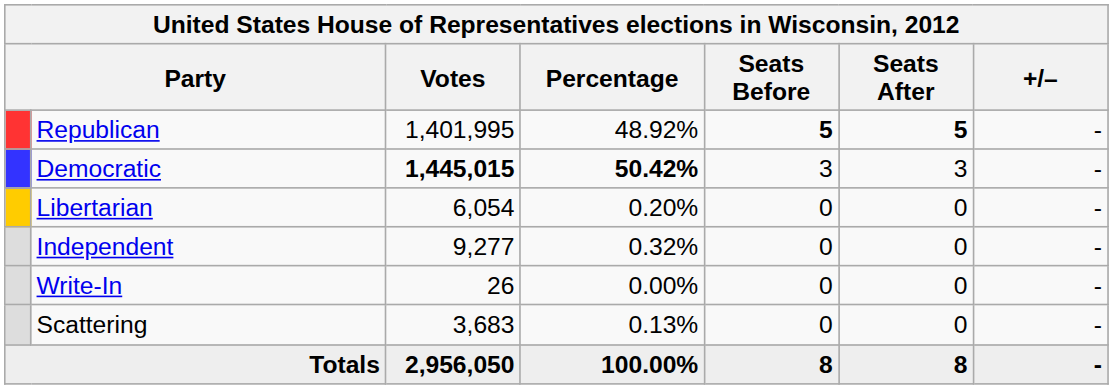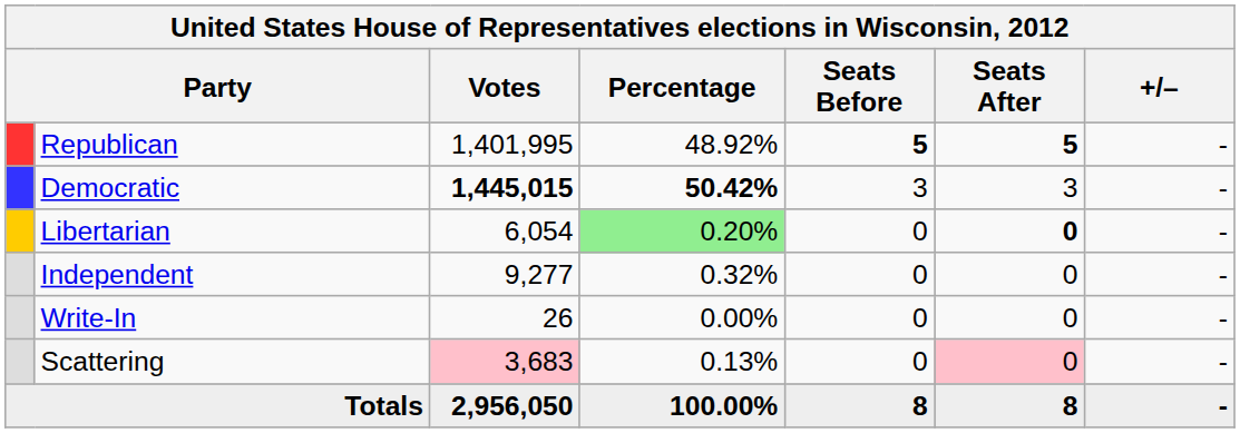 <table class="wikitable" style="font-size: 95%;">
 <tr>
 <th colspan="7">United States House of Representatives elections in Wisconsin, 2012</th>
 </tr>
 <tr>
 <th colspan=2 style="width: 15em">Party</th>
 <th style="width: 5em">Votes</th>
 <th style="width: 7em">Percentage</th>
 <th style="width: 5em">Seats Before</th>
 <th style="width: 5em">Seats After</th>
 <th style="width: 5em">+/–</th>
 </tr>
 <tr>
 <th style="background:#f33; width:3px;"></th>
 <td style="width: 130px"><a href='#'>Republican</a></td>
 <td style="text-align:right;">1,401,995</td>
 <td style="text-align:right;">48.92%</td>
 <td style="text-align:right;"><strong>5</strong></td>
 <td style="text-align:right;"><strong>5</strong></td>
 <td style="text-align:right;">-</td>
 </tr>
 <tr>
 <th style="background:#33f; width:3px;"></th>
 <td style="width: 130px"><a href='#'>Democratic</a></td>
 <td style="text-align:right;"><strong>1,445,015</strong></td>
 <td style="text-align:right;"><strong>50.42%</strong></td>
 <td style="text-align:right;">3</td>
 <td style="text-align:right;">3</td>
 <td style="text-align:right;">-</td>
 </tr>
 <tr>
 <th style="background:#fc0; width:3px;"></th>
 <td style="width: 130px"><a href='#'>Libertarian</a></td>
 <td style="text-align:right;">6,054</td>
-<td style="text-align:right;">0.20%</td>
+<td style="background: lightgreen; text-align:right;">0.20%</td>
 <td style="text-align:right;">0</td>
-<td style="text-align:right;">0</td>
+<td style="text-align:right;"><strong>0</strong></td>
 <td style="text-align:right;">-</td>
 </tr>
 <tr>
 <th style="background:#ddd; width:3px;"></th>
 <td style="width: 130px"><a href='#'>Independent</a></td>
 <td style="text-align:right;">9,277</td>
 <td style="text-align:right;">0.32%</td>
 <td style="text-align:right;">0</td>
 <td style="text-align:right;">0</td>
 <td style="text-align:right;">-</td>
 </tr>
 <tr>
 <th style="background-color:#DDDDDD; width: 3px"></th>
 <td style="width: 130px"><a href='#'>Write-In</a></td>
 <td align="right">26</td>
 <td align="right">0.00%</td>
 <td align="right">0</td>
 <td align="right">0</td>
 <td align="right">-</td>
 </tr>
 <tr>
 <th style="background-color:#DDDDDD; width: 3px"></th>
 <td style="width: 130px">Scattering</td>
-<td align="right">3,683</td>
+<td align="right" style="background: pink;">3,683</td>
 <td align="right">0.13%</td>
 <td align="right">0</td>
-<td align="right">0</td>
+<td align="right" style="background: pink;">0</td>
 <td align="right">-</td>
 </tr>
 <tr style="background:#eee; text-align:right;">
 <td colspan="2"><strong>Totals</strong></td>
 <td><strong>2,956,050</strong></td>
 <td><strong>100.00%</strong></td>
 <td><strong>8</strong></td>
 <td><strong>8</strong></td>
 <td><strong>-</strong></td>
 </tr>
 </table>
